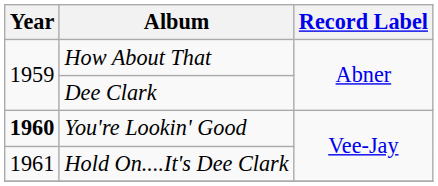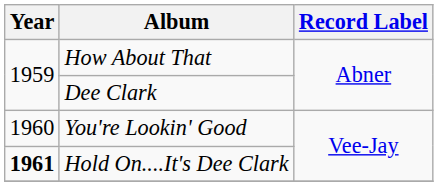 <table class="wikitable" style=text-align:center;>
 <tr>
 <th>Year</th>
 <th>Album</th>
 <th><a href='#'>Record Label</a></th>
 </tr>
 <tr>
 <td rowspan="2">1959</td>
 <td align=left><em>How About That</em></td>
 <td rowspan="2"><a href='#'>Abner</a></td>
 </tr>
 <tr>
 <td align=left><em>Dee Clark</em></td>
 </tr>
 <tr>
-<td rowspan="1"><strong>1960</strong></td>
+<td rowspan="1">1960</td>
 <td align=left><em>You're Lookin' Good</em></td>
 <td rowspan="2"><a href='#'>Vee-Jay</a></td>
 </tr>
 <tr>
-<td rowspan="1">1961</td>
+<td rowspan="1"><strong>1961</strong></td>
 <td align=left><em>Hold On....It's Dee Clark</em></td>
 </tr>
 <tr>
 </tr>
 </table>
